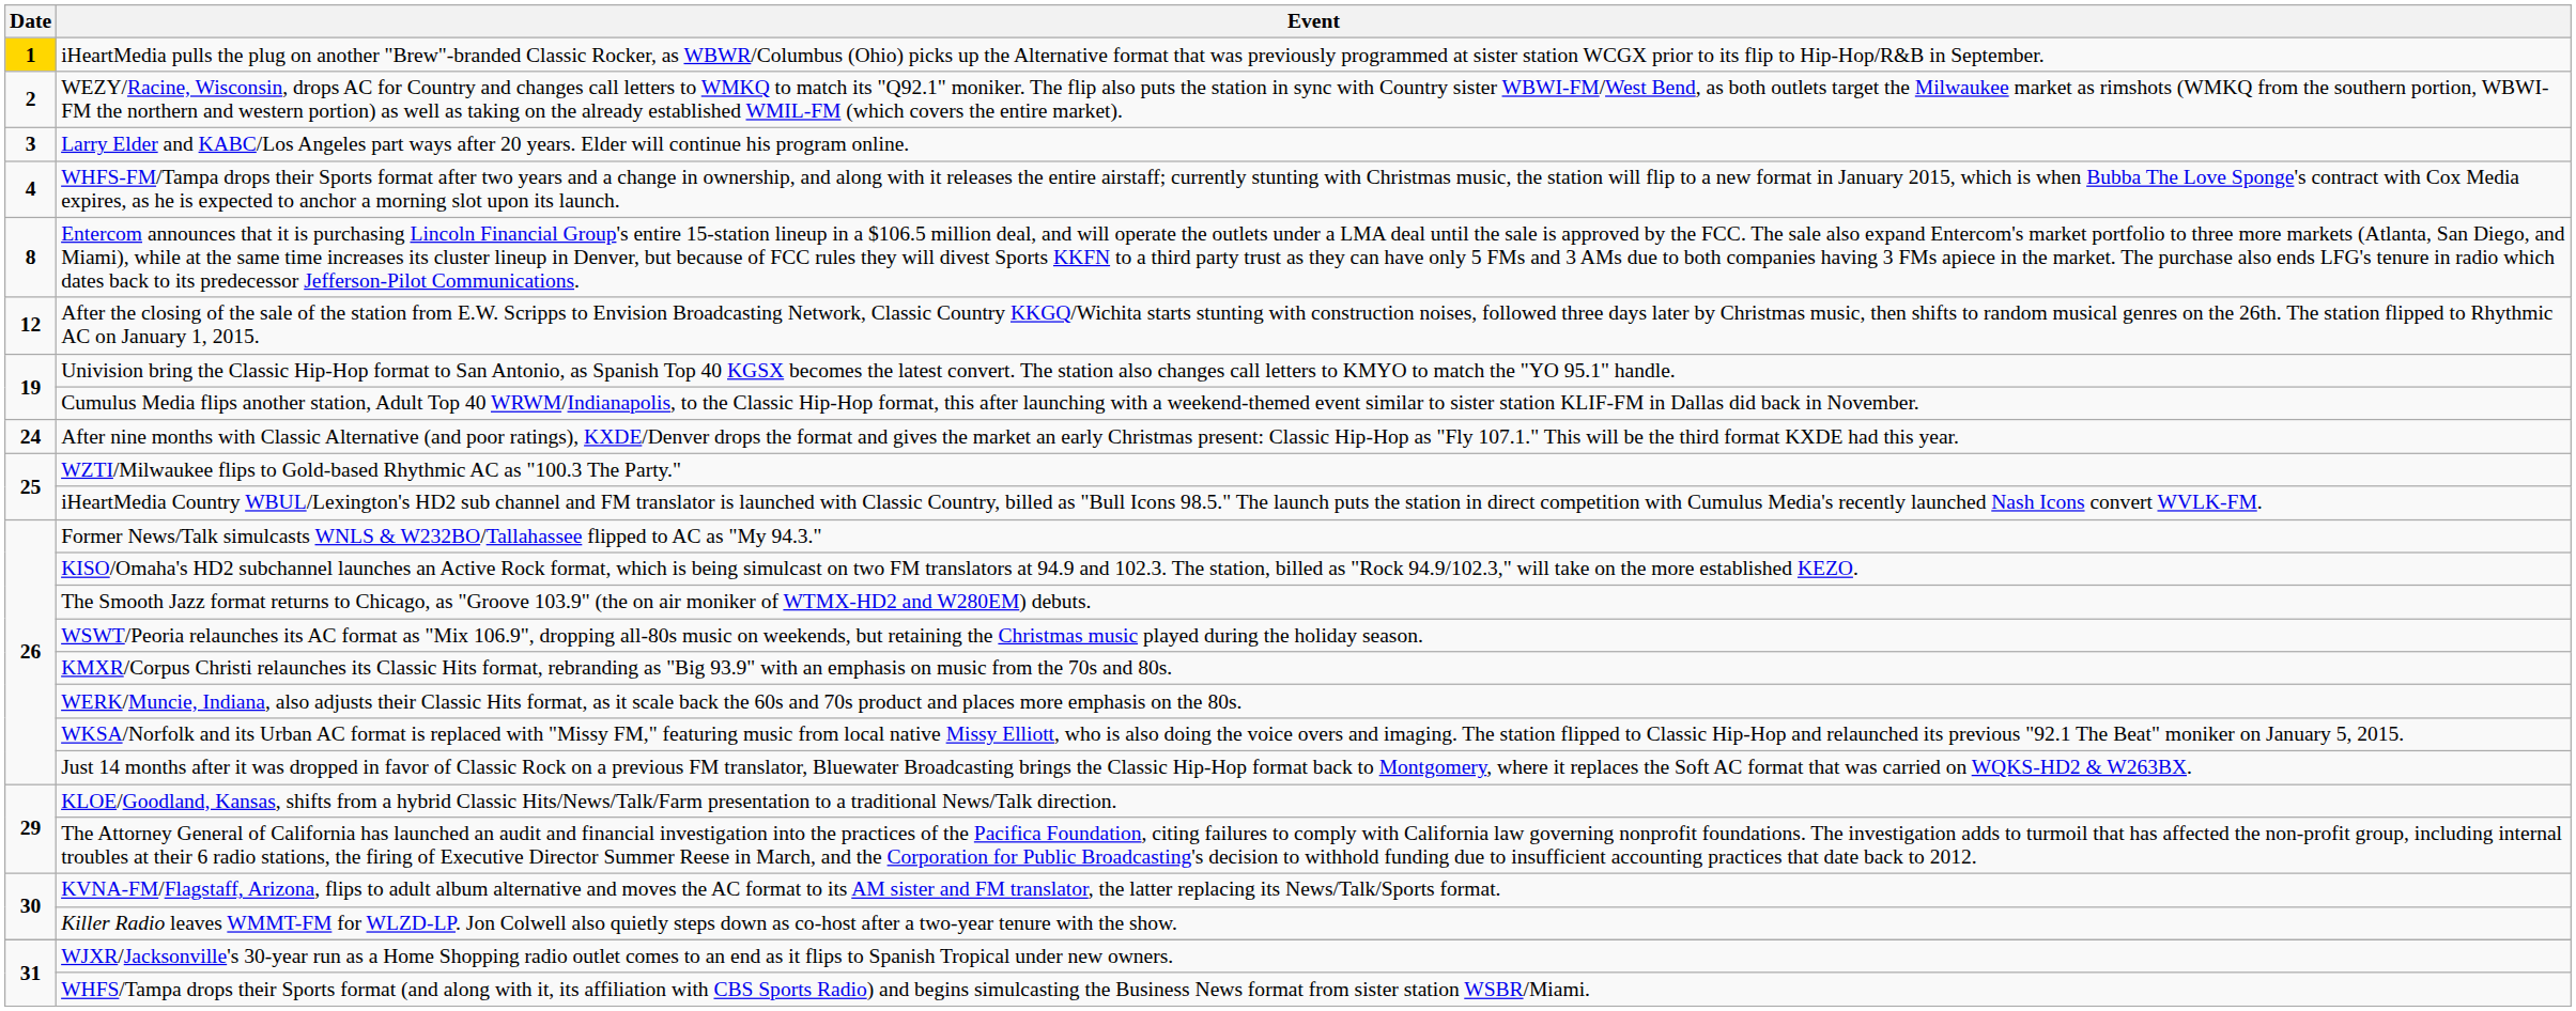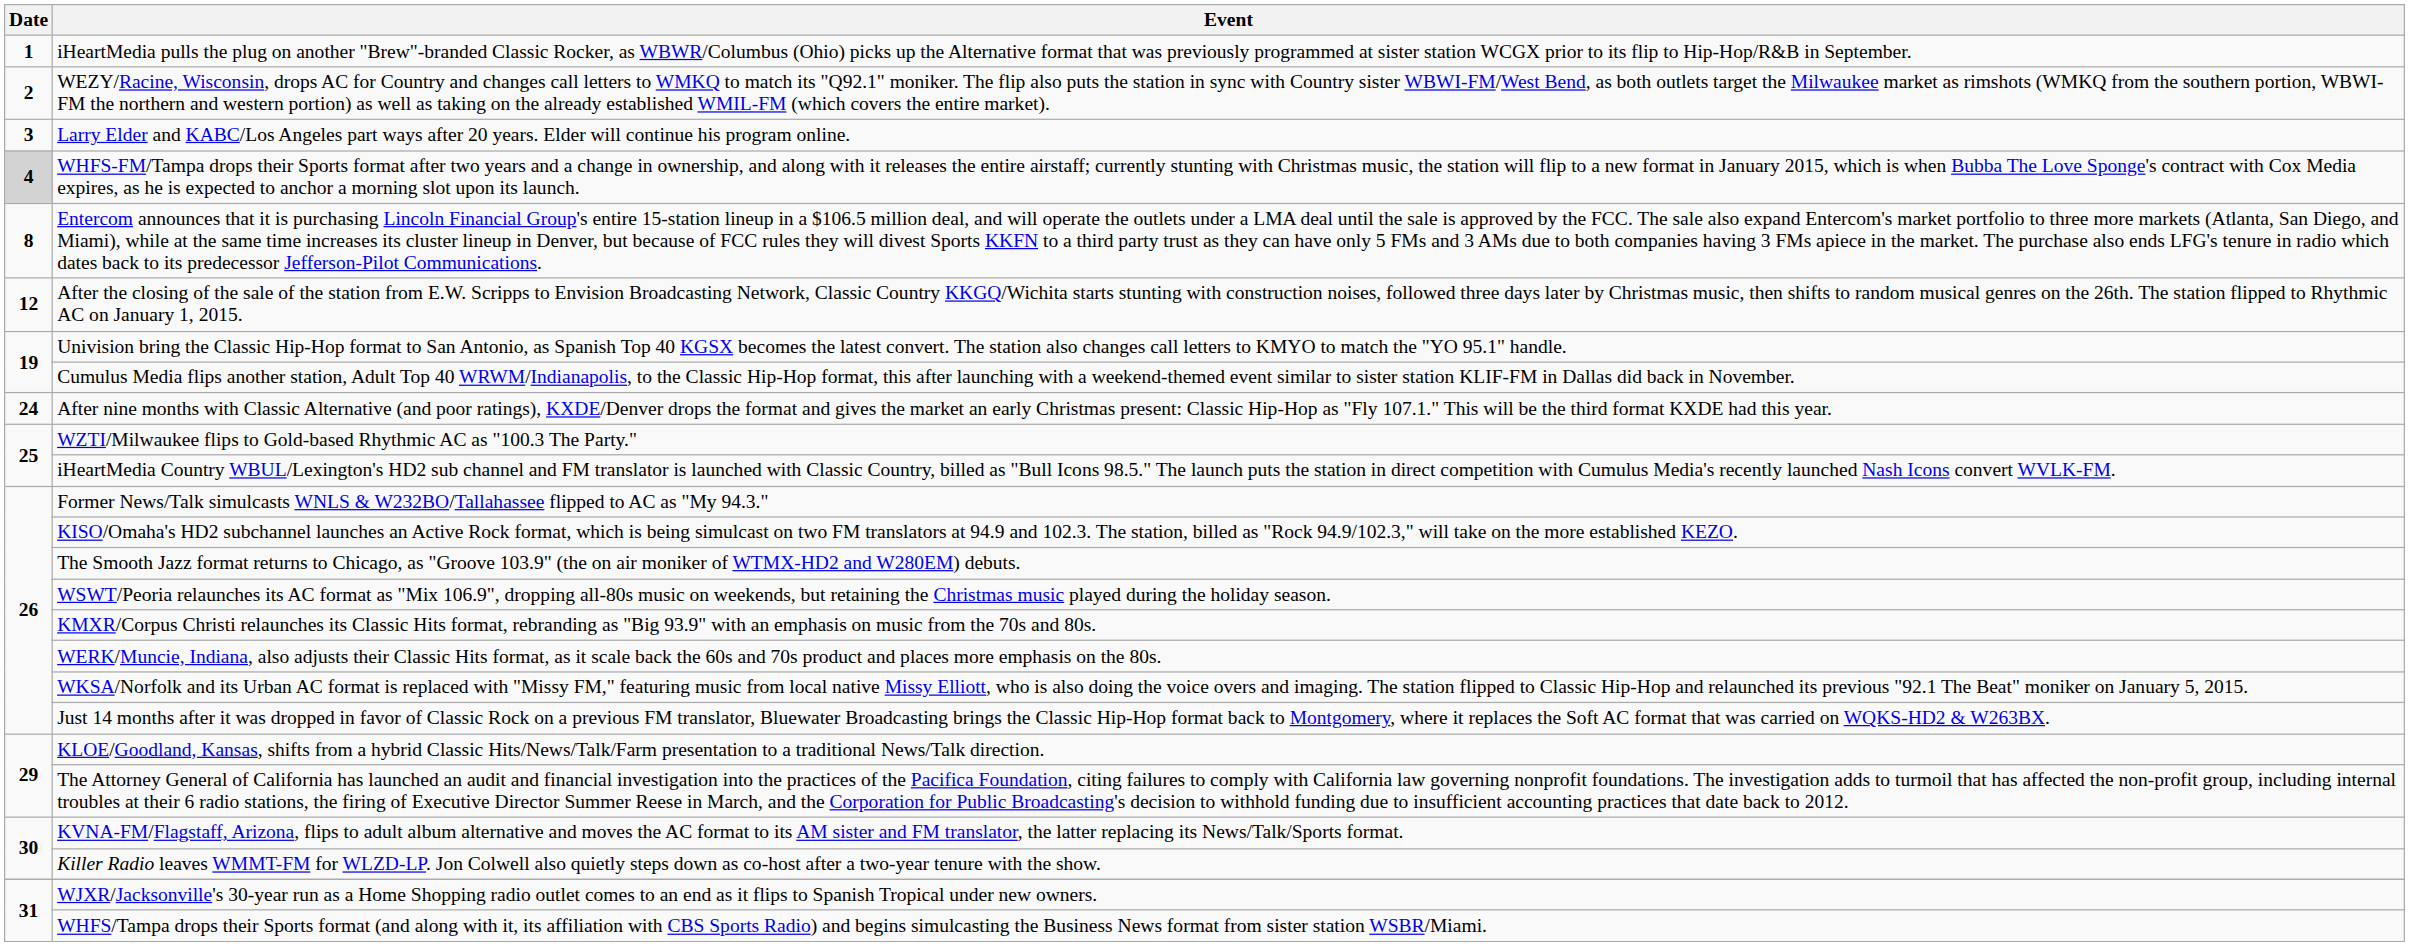 <table class="wikitable">
 <tr>
 <th>Date</th>
 <th>Event</th>
 </tr>
 <tr>
-<td style="background: gold; text-align:center;"><strong>1</strong></td>
+<td style="text-align:center;"><strong>1</strong></td>
 <td>iHeartMedia pulls the plug on another "Brew"-branded Classic Rocker, as <a href='#'>WBWR</a>/Columbus (Ohio) picks up the Alternative format that was previously programmed at sister station WCGX prior to its flip to Hip-Hop/R&B in September.</td>
 </tr>
 <tr>
 <td style="text-align:center;"><strong>2</strong></td>
 <td>WEZY/<a href='#'>Racine, Wisconsin</a>, drops AC for Country and changes call letters to <a href='#'>WMKQ</a> to match its "Q92.1" moniker. The flip also puts the station in sync with Country sister <a href='#'>WBWI-FM</a>/<a href='#'>West Bend</a>, as both outlets target the <a href='#'>Milwaukee</a> market as rimshots (WMKQ from the southern portion, WBWI-FM the northern and western portion) as well as taking on the already established <a href='#'>WMIL-FM</a> (which covers the entire market).</td>
 </tr>
 <tr>
 <td style="text-align:center;"><strong>3</strong></td>
 <td><a href='#'>Larry Elder</a> and <a href='#'>KABC</a>/Los Angeles part ways after 20 years. Elder will continue his program online.</td>
 </tr>
 <tr>
-<td style="text-align:center;"><strong>4</strong></td>
+<td style="background: lightgrey; text-align:center;"><strong>4</strong></td>
 <td><a href='#'>WHFS-FM</a>/Tampa drops their Sports format after two years and a change in ownership, and along with it releases the entire airstaff; currently stunting with Christmas music, the station will flip to a new format in January 2015, which is when <a href='#'>Bubba The Love Sponge</a>'s contract with Cox Media expires, as he is expected to anchor a morning slot upon its launch.</td>
 </tr>
 <tr>
 <td style="text-align:center;"><strong>8</strong></td>
 <td><a href='#'>Entercom</a> announces that it is purchasing <a href='#'>Lincoln Financial Group</a>'s entire 15-station lineup in a $106.5 million deal, and will operate the outlets under a LMA deal until the sale is approved by the FCC. The sale also expand Entercom's market portfolio to three more markets (Atlanta, San Diego, and Miami), while at the same time increases its cluster lineup in Denver, but because of FCC rules they will divest Sports <a href='#'>KKFN</a> to a third party trust as they can have only 5 FMs and 3 AMs due to both companies having 3 FMs apiece in the market. The purchase also ends LFG's tenure in radio which dates back to its predecessor <a href='#'>Jefferson-Pilot Communications</a>.</td>
 </tr>
 <tr>
 <td style="text-align:center;"><strong>12</strong></td>
 <td>After the closing of the sale of the station from E.W. Scripps to Envision Broadcasting Network, Classic Country <a href='#'>KKGQ</a>/Wichita starts stunting with construction noises, followed three days later by Christmas music, then shifts to random musical genres on the 26th. The station flipped to Rhythmic AC on January 1, 2015.</td>
 </tr>
 <tr>
 <td style="text-align:center;" rowspan=2><strong>19</strong></td>
 <td>Univision bring the Classic Hip-Hop format to San Antonio, as Spanish Top 40 <a href='#'>KGSX</a> becomes the latest convert. The station also changes call letters to KMYO to match the "YO 95.1" handle.</td>
 </tr>
 <tr>
 <td>Cumulus Media flips another station, Adult Top 40 <a href='#'>WRWM</a>/<a href='#'>Indianapolis</a>, to the Classic Hip-Hop format, this after launching with a weekend-themed event similar to sister station KLIF-FM in Dallas did back in November.</td>
 </tr>
 <tr>
 <td style="text-align:center;"><strong>24</strong></td>
 <td>After nine months with Classic Alternative (and poor ratings), <a href='#'>KXDE</a>/Denver drops the format and gives the market an early Christmas present: Classic Hip-Hop as "Fly 107.1." This will be the third format KXDE had this year.</td>
 </tr>
 <tr>
 <td style="text-align:center;" rowspan=2><strong>25</strong></td>
 <td><a href='#'>WZTI</a>/Milwaukee flips to Gold-based Rhythmic AC as "100.3 The Party."</td>
 </tr>
 <tr>
 <td>iHeartMedia Country <a href='#'>WBUL</a>/Lexington's HD2 sub channel and FM translator is launched with Classic Country, billed as "Bull Icons 98.5." The launch puts the station in direct competition with Cumulus Media's recently launched <a href='#'>Nash Icons</a> convert <a href='#'>WVLK-FM</a>.</td>
 </tr>
 <tr>
 <td style="text-align:center;" rowspan=8><strong>26</strong></td>
 <td>Former News/Talk simulcasts <a href='#'>WNLS & W232BO</a>/<a href='#'>Tallahassee</a> flipped to AC as "My 94.3."</td>
 </tr>
 <tr>
 <td><a href='#'>KISO</a>/Omaha's HD2 subchannel launches an Active Rock format, which is being simulcast on two FM translators at 94.9 and 102.3. The station, billed as "Rock 94.9/102.3," will take on the more established <a href='#'>KEZO</a>.</td>
 </tr>
 <tr>
 <td>The Smooth Jazz format returns to Chicago, as "Groove 103.9" (the on air moniker of <a href='#'>WTMX-HD2 and W280EM</a>) debuts.</td>
 </tr>
 <tr>
 <td><a href='#'>WSWT</a>/Peoria relaunches its AC format as "Mix 106.9", dropping all-80s music on weekends, but retaining the <a href='#'>Christmas music</a> played during the holiday season.</td>
 </tr>
 <tr>
 <td><a href='#'>KMXR</a>/Corpus Christi relaunches its Classic Hits format, rebranding as "Big 93.9" with an emphasis on music from the 70s and 80s.</td>
 </tr>
 <tr>
 <td><a href='#'>WERK</a>/<a href='#'>Muncie, Indiana</a>, also adjusts their Classic Hits format, as it scale back the 60s and 70s product and places more emphasis on the 80s.</td>
 </tr>
 <tr>
 <td><a href='#'>WKSA</a>/Norfolk and its Urban AC format is replaced with "Missy FM," featuring music from local native <a href='#'>Missy Elliott</a>, who is also doing the voice overs and imaging. The station flipped to Classic Hip-Hop and relaunched its previous "92.1 The Beat" moniker on January 5, 2015.</td>
 </tr>
 <tr>
 <td>Just 14 months after it was dropped in favor of Classic Rock on a previous FM translator, Bluewater Broadcasting brings the Classic Hip-Hop format back to <a href='#'>Montgomery</a>, where it replaces the Soft AC format that was carried on <a href='#'>WQKS-HD2 & W263BX</a>.</td>
 </tr>
 <tr>
 <td style="text-align:center;" rowspan=2><strong>29</strong></td>
 <td><a href='#'>KLOE</a>/<a href='#'>Goodland, Kansas</a>, shifts from a hybrid Classic Hits/News/Talk/Farm presentation to a traditional News/Talk direction.</td>
 </tr>
 <tr>
 <td>The Attorney General of California has launched an audit and financial investigation into the practices of the <a href='#'>Pacifica Foundation</a>, citing failures to comply with California law governing nonprofit foundations. The investigation adds to turmoil that has affected the non-profit group, including internal troubles at their 6 radio stations, the firing of Executive Director Summer Reese in March, and the <a href='#'>Corporation for Public Broadcasting</a>'s decision to withhold funding due to insufficient accounting practices that date back to 2012.</td>
 </tr>
 <tr>
 <td style="text-align:center;" rowspan=2><strong>30</strong></td>
 <td><a href='#'>KVNA-FM</a>/<a href='#'>Flagstaff, Arizona</a>, flips to adult album alternative and moves the AC format to its <a href='#'>AM sister and FM translator</a>, the latter replacing its News/Talk/Sports format.</td>
 </tr>
 <tr>
 <td><em>Killer Radio</em> leaves <a href='#'>WMMT-FM</a> for <a href='#'>WLZD-LP</a>. Jon Colwell also quietly steps down as co-host after a two-year tenure with the show.</td>
 </tr>
 <tr>
 </tr>
 <tr>
 <td style="text-align:center;" rowspan=2><strong>31</strong></td>
 <td><a href='#'>WJXR</a>/<a href='#'>Jacksonville</a>'s 30-year run as a Home Shopping radio outlet comes to an end as it flips to Spanish Tropical under new owners.</td>
 </tr>
 <tr>
 <td><a href='#'>WHFS</a>/Tampa drops their Sports format (and along with it, its affiliation with <a href='#'>CBS Sports Radio</a>) and begins simulcasting the Business News format from sister station <a href='#'>WSBR</a>/Miami.</td>
 </tr>
 </table>
